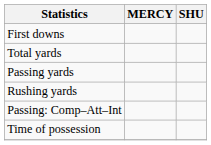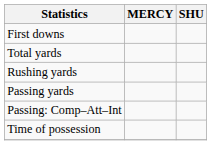 <table class="wikitable" style="float: left;">
 <tr>
 <th>Statistics</th>
 <th>MERCY</th>
 <th>SHU</th>
 </tr>
 <tr>
 <td>First downs</td>
 <td></td>
 <td></td>
 </tr>
 <tr>
 <td>Total yards</td>
 <td></td>
 <td></td>
 </tr>
 <tr>
-<td>Passing yards</td>
+<td>Rushing yards</td>
 <td></td>
 <td></td>
 </tr>
 <tr>
-<td>Rushing yards</td>
+<td>Passing yards</td>
 <td></td>
 <td></td>
 </tr>
 <tr>
 <td>Passing: Comp–Att–Int</td>
 <td></td>
 <td></td>
 </tr>
 <tr>
 <td>Time of possession</td>
 <td></td>
 <td></td>
 </tr>
 <tr>
 </tr>
 </table>
